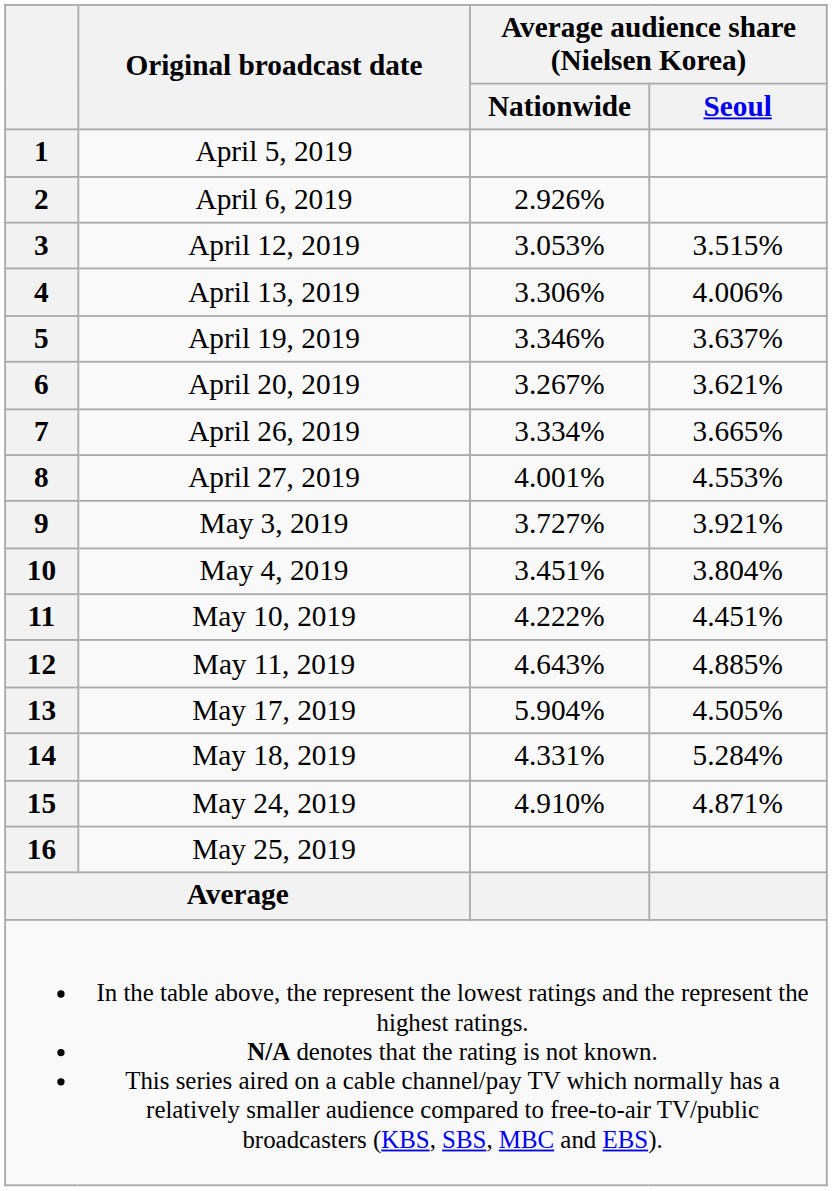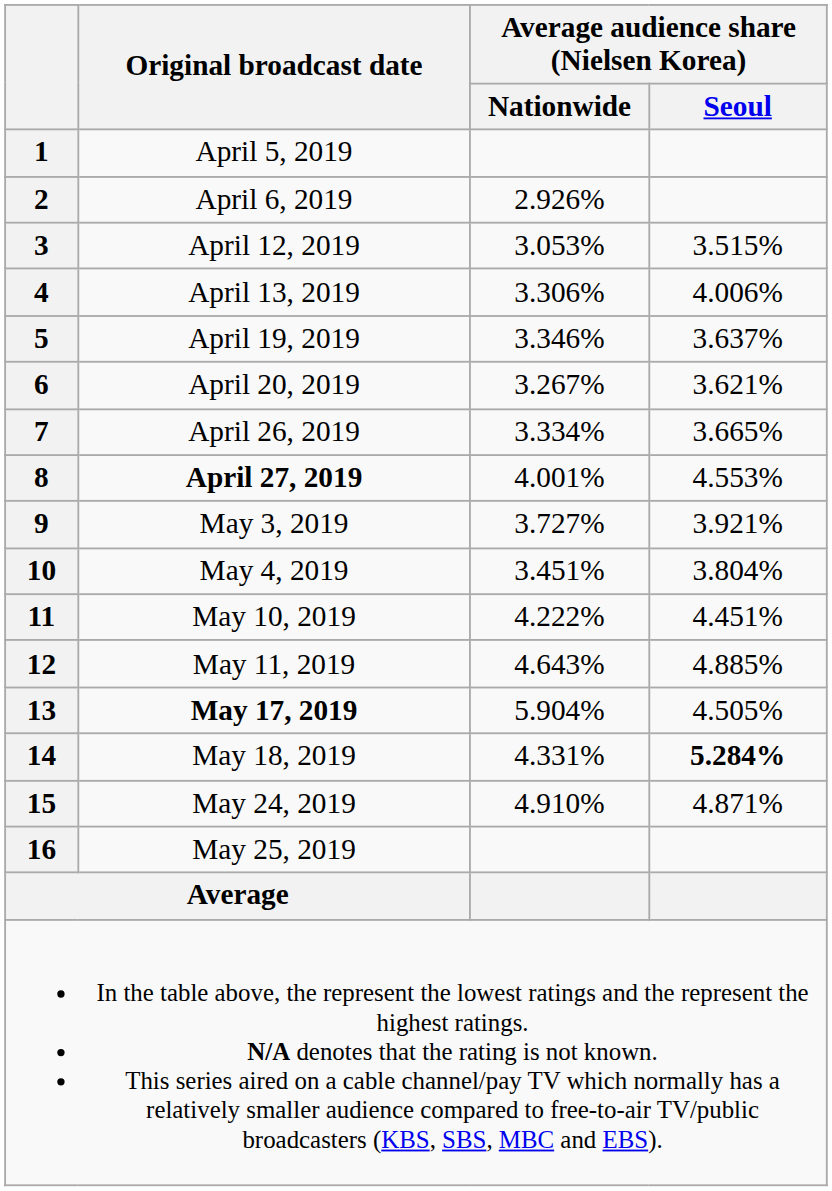 <table class="wikitable" style="text-align:center;max-width:450px; margin-left: auto; margin-right: auto; border: none;">
 <tr>
 </tr>
 <tr>
 <th rowspan="2"></th>
 <th rowspan="2">Original broadcast date</th>
 <th colspan="2">Average audience share<br>(Nielsen Korea)</th>
 </tr>
 <tr>
 <th width=90>Nationwide</th>
 <th width=90><a href='#'>Seoul</a></th>
 </tr>
 <tr>
 <th>1</th>
 <td>April 5, 2019</td>
 <td></td>
 <td></td>
 </tr>
 <tr>
 <th>2</th>
 <td>April 6, 2019</td>
 <td>2.926%</td>
 <td></td>
 </tr>
 <tr>
 <th>3</th>
 <td>April 12, 2019</td>
 <td>3.053%</td>
 <td>3.515%</td>
 </tr>
 <tr>
 <th>4</th>
 <td>April 13, 2019</td>
 <td>3.306%</td>
 <td>4.006%</td>
 </tr>
 <tr>
 <th>5</th>
 <td>April 19, 2019</td>
 <td>3.346%</td>
 <td>3.637%</td>
 </tr>
 <tr>
 <th>6</th>
 <td>April 20, 2019</td>
 <td>3.267%</td>
 <td>3.621%</td>
 </tr>
 <tr>
 <th>7</th>
 <td>April 26, 2019</td>
 <td>3.334%</td>
 <td>3.665%</td>
 </tr>
 <tr>
 <th>8</th>
-<td>April 27, 2019</td>
+<td><strong>April 27, 2019</strong></td>
 <td>4.001%</td>
 <td>4.553%</td>
 </tr>
 <tr>
 <th>9</th>
 <td>May 3, 2019</td>
 <td>3.727%</td>
 <td>3.921%</td>
 </tr>
 <tr>
 <th>10</th>
 <td>May 4, 2019</td>
 <td>3.451%</td>
 <td>3.804%</td>
 </tr>
 <tr>
 <th>11</th>
 <td>May 10, 2019</td>
 <td>4.222%</td>
 <td>4.451%</td>
 </tr>
 <tr>
 <th>12</th>
 <td>May 11, 2019</td>
 <td>4.643%</td>
 <td>4.885%</td>
 </tr>
 <tr>
 <th>13</th>
-<td>May 17, 2019</td>
+<td><strong>May 17, 2019</strong></td>
 <td>5.904%</td>
 <td>4.505%</td>
 </tr>
 <tr>
 <th>14</th>
 <td>May 18, 2019</td>
 <td>4.331%</td>
-<td>5.284%</td>
+<td><strong>5.284%</strong></td>
 </tr>
 <tr>
 <th>15</th>
 <td>May 24, 2019</td>
 <td>4.910%</td>
 <td>4.871%</td>
 </tr>
 <tr>
 <th>16</th>
 <td>May 25, 2019</td>
 <td></td>
 <td></td>
 </tr>
 <tr>
 <th colspan="2">Average</th>
 <th></th>
 <th></th>
 </tr>
 <tr>
 <td colspan="4" style="font-size:85%"><br><ul><li>In the table above, the <strong></strong> represent the lowest ratings and the <strong></strong> represent the highest ratings.</li><li><strong>N/A</strong> denotes that the rating is not known.</li><li>This series aired on a cable channel/pay TV which normally has a relatively smaller audience compared to free-to-air TV/public broadcasters (<a href='#'>KBS</a>, <a href='#'>SBS</a>, <a href='#'>MBC</a> and <a href='#'>EBS</a>).</li></ul></td>
 </tr>
 </table>
